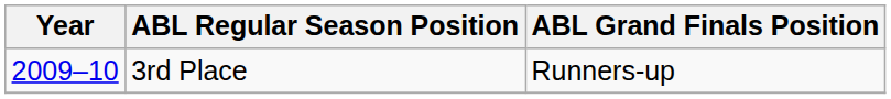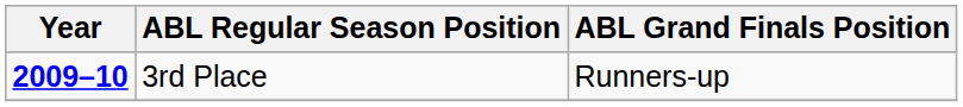 <table class="wikitable float-right">
 <tr>
 <th>Year</th>
 <th>ABL Regular Season Position</th>
 <th>ABL Grand Finals Position</th>
 </tr>
 <tr>
-<td><a href='#'>2009–10</a></td>
+<td><strong><a href='#'>2009–10</a></strong></td>
 <td valign="middle" align="centre">3rd Place</td>
 <td valign="middle" align="centre">Runners-up</td>
 </tr>
 <tr>
 </tr>
 </table>
